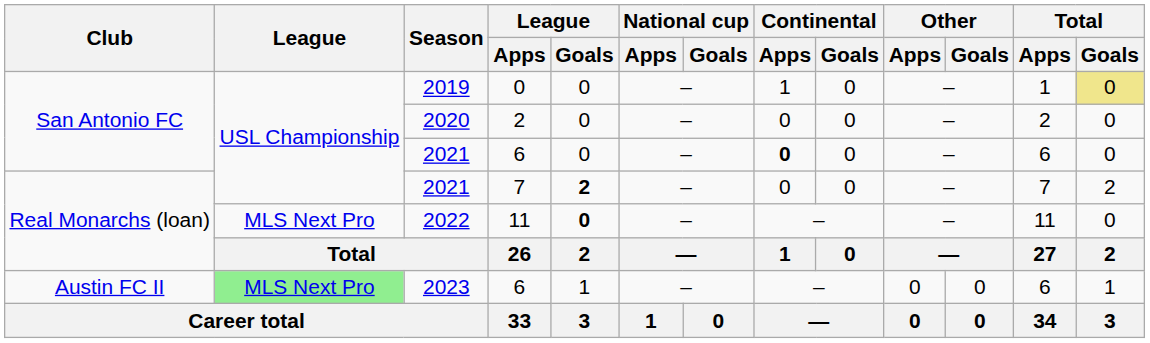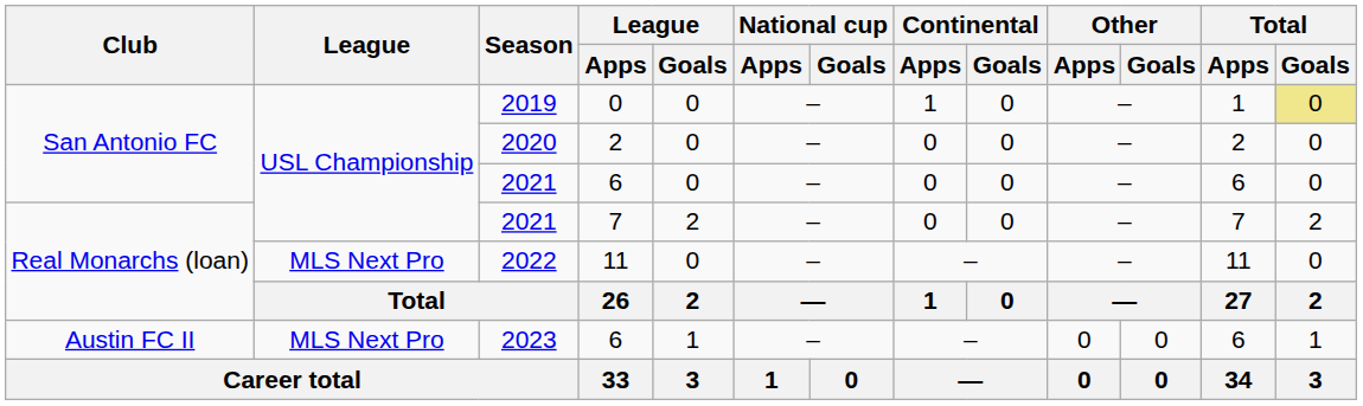 <table class="wikitable" style="text-align:center">
 <tr>
 <th rowspan="2">Club</th>
 <th rowspan="2">League</th>
 <th rowspan="2">Season</th>
 <th colspan="2">League</th>
 <th colspan="2">National cup</th>
 <th colspan="2">Continental</th>
 <th colspan="2">Other</th>
 <th colspan="2">Total</th>
 </tr>
 <tr>
 <th>Apps</th>
 <th>Goals</th>
 <th>Apps</th>
 <th>Goals</th>
 <th>Apps</th>
 <th>Goals</th>
 <th>Apps</th>
 <th>Goals</th>
 <th>Apps</th>
 <th>Goals</th>
 </tr>
 <tr>
 <td rowspan=3><a href='#'>San Antonio FC</a></td>
 <td rowspan=4><a href='#'>USL Championship</a></td>
 <td><a href='#'>2019</a></td>
 <td>0</td>
 <td>0</td>
 <td colspan="2">–</td>
 <td>1</td>
 <td>0</td>
 <td colspan="2">–</td>
 <td>1</td>
 <td style="background: khaki;">0</td>
 </tr>
 <tr>
 <td><a href='#'>2020</a></td>
 <td>2</td>
 <td>0</td>
 <td colspan="2">–</td>
 <td>0</td>
 <td>0</td>
 <td colspan="2">–</td>
 <td>2</td>
 <td>0</td>
 </tr>
 <tr>
 <td><a href='#'>2021</a></td>
 <td>6</td>
 <td>0</td>
 <td colspan="2">–</td>
-<td><strong>0</strong></td>
+<td>0</td>
 <td>0</td>
 <td colspan="2">–</td>
 <td>6</td>
 <td>0</td>
 </tr>
 <tr>
 <td rowspan=3><a href='#'>Real Monarchs</a> (loan)</td>
 <td><a href='#'>2021</a></td>
 <td>7</td>
-<td><strong>2</strong></td>
+<td>2</td>
 <td colspan="2">–</td>
 <td>0</td>
 <td>0</td>
 <td colspan="2">–</td>
 <td>7</td>
 <td>2</td>
 </tr>
 <tr>
 <td><a href='#'>MLS Next Pro</a></td>
 <td><a href='#'>2022</a></td>
 <td>11</td>
-<td><strong>0</strong></td>
+<td>0</td>
 <td colspan="2">–</td>
 <td colspan="2">–</td>
 <td colspan="2">–</td>
 <td>11</td>
 <td>0</td>
 </tr>
 <tr>
 <th colspan="2">Total</th>
 <th>26</th>
 <th>2</th>
 <th colspan="2">—</th>
 <th>1</th>
 <th>0</th>
 <th colspan="2">—</th>
 <th>27</th>
 <th>2</th>
 </tr>
 <tr>
 <td><a href='#'>Austin FC II</a></td>
-<td style="background: lightgreen;"><a href='#'>MLS Next Pro</a></td>
+<td><a href='#'>MLS Next Pro</a></td>
 <td><a href='#'>2023</a></td>
 <td>6</td>
 <td>1</td>
 <td colspan="2">–</td>
 <td colspan="2">–</td>
 <td>0</td>
 <td>0</td>
 <td>6</td>
 <td>1</td>
 </tr>
 <tr>
 <th colspan="3">Career total</th>
 <th>33</th>
 <th>3</th>
 <th>1</th>
 <th>0</th>
 <th colspan="2">—</th>
 <th>0</th>
 <th>0</th>
 <th>34</th>
 <th>3</th>
 </tr>
 </table>
